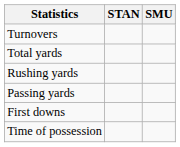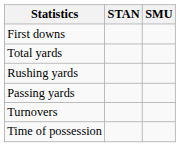 <table class="wikitable" style="float:left">
 <tr>
 <th>Statistics</th>
 <th>STAN</th>
 <th>SMU</th>
 </tr>
 <tr>
-<td>Turnovers</td>
+<td>First downs</td>
 <td></td>
 <td></td>
 </tr>
 <tr>
 <td>Total yards</td>
 <td></td>
 <td></td>
 </tr>
 <tr>
 <td>Rushing yards</td>
 <td></td>
 <td></td>
 </tr>
 <tr>
 <td>Passing yards</td>
 <td></td>
 <td></td>
 </tr>
 <tr>
-<td>First downs</td>
+<td>Turnovers</td>
 <td></td>
 <td></td>
 </tr>
 <tr>
 <td>Time of possession</td>
 <td></td>
 <td></td>
 </tr>
 </table>
